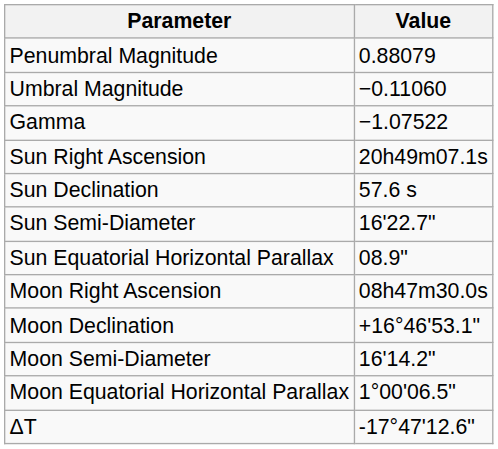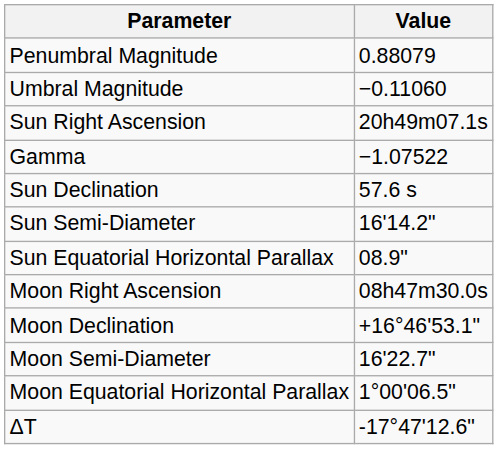 <table class="wikitable">
 <tr>
 <th>Parameter</th>
 <th>Value</th>
 </tr>
 <tr>
 <td>Penumbral Magnitude</td>
 <td>0.88079</td>
 </tr>
 <tr>
 <td>Umbral Magnitude</td>
 <td>−0.11060</td>
 </tr>
 <tr>
+<td>Sun Right Ascension</td>
+<td>20h49m07.1s</td>
+</tr>
+<tr>
 <td>Gamma</td>
 <td>−1.07522</td>
-</tr>
-<tr>
-<td>Sun Right Ascension</td>
-<td>20h49m07.1s</td>
 </tr>
 <tr>
 <td>Sun Declination</td>
 <td>57.6 s</td>
 </tr>
 <tr>
 <td>Sun Semi-Diameter</td>
-<td>16'22.7"</td>
+<td>16'14.2"</td>
 </tr>
 <tr>
 <td>Sun Equatorial Horizontal Parallax</td>
 <td>08.9"</td>
 </tr>
 <tr>
 <td>Moon Right Ascension</td>
 <td>08h47m30.0s</td>
 </tr>
 <tr>
 <td>Moon Declination</td>
 <td>+16°46'53.1"</td>
 </tr>
 <tr>
 <td>Moon Semi-Diameter</td>
-<td>16'14.2"</td>
+<td>16'22.7"</td>
 </tr>
 <tr>
 <td>Moon Equatorial Horizontal Parallax</td>
 <td>1°00'06.5"</td>
 </tr>
 <tr>
 <td>ΔT</td>
 <td>-17°47'12.6"</td>
 </tr>
 </table>
